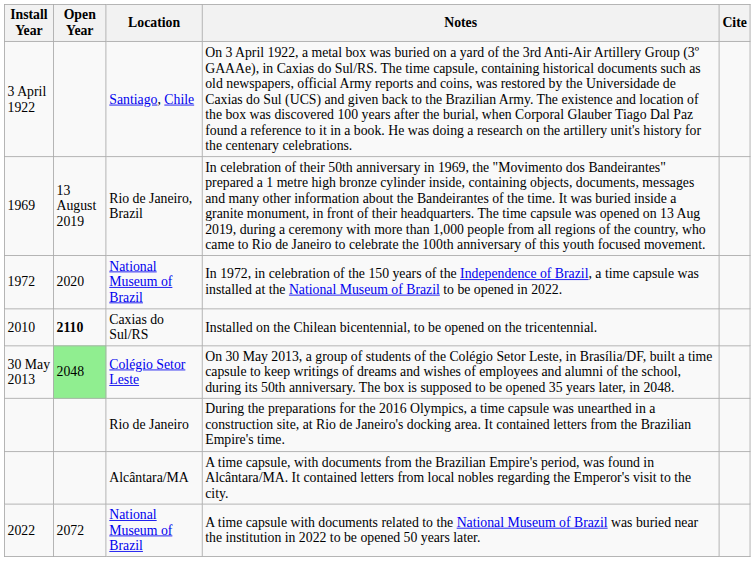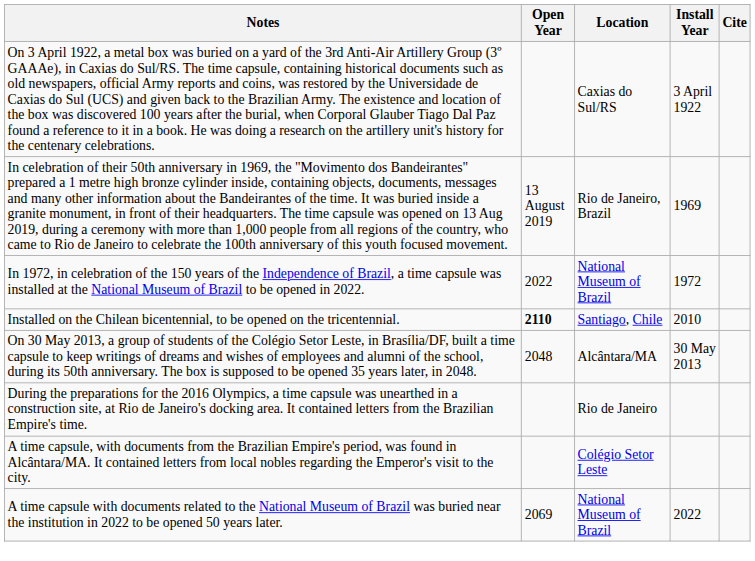 <table class="wikitable sortable">
 <tr>
-<th>Install<br>Year</th>
+<th class=unsortable>Notes</th>
 <th>Open<br>Year</th>
 <th>Location</th>
-<th class=unsortable>Notes</th>
+<th>Install<br>Year</th>
 <th class=unsortable>Cite</th>
 </tr>
 <tr>
+<td>On 3 April 1922, a metal box was buried on a yard of the 3rd Anti-Air Artillery Group (3º GAAAe), in Caxias do Sul/RS. The time capsule, containing historical documents such as old newspapers, official Army reports and coins, was restored by the Universidade de Caxias do Sul (UCS) and given back to the Brazilian Army. The existence and location of the box was discovered 100 years after the burial, when Corporal Glauber Tiago Dal Paz found a reference to it in a book. He was doing a research on the artillery unit's history for the centenary celebrations.</td>
+<td></td>
+<td>Caxias do Sul/RS</td>
 <td>3 April 1922</td>
-<td></td>
-<td><a href='#'>Santiago</a>, <a href='#'>Chile</a></td>
-<td>On 3 April 1922, a metal box was buried on a yard of the 3rd Anti-Air Artillery Group (3º GAAAe), in Caxias do Sul/RS. The time capsule, containing historical documents such as old newspapers, official Army reports and coins, was restored by the Universidade de Caxias do Sul (UCS) and given back to the Brazilian Army. The existence and location of the box was discovered 100 years after the burial, when Corporal Glauber Tiago Dal Paz found a reference to it in a book. He was doing a research on the artillery unit's history for the centenary celebrations.</td>
 <td></td>
 </tr>
 <tr>
-<td>1969</td>
+<td>In celebration of their 50th anniversary in 1969, the "Movimento dos Bandeirantes" prepared a 1 metre high bronze cylinder inside, containing objects, documents, messages and many other information about the Bandeirantes of the time. It was buried inside a granite monument, in front of their headquarters. The time capsule was opened on 13 Aug 2019, during a ceremony with more than 1,000 people from all regions of the country, who came to Rio de Janeiro to celebrate the 100th anniversary of this youth focused movement.</td>
 <td>13 August 2019</td>
 <td>Rio de Janeiro, Brazil</td>
-<td>In celebration of their 50th anniversary in 1969, the "Movimento dos Bandeirantes" prepared a 1 metre high bronze cylinder inside, containing objects, documents, messages and many other information about the Bandeirantes of the time. It was buried inside a granite monument, in front of their headquarters. The time capsule was opened on 13 Aug 2019, during a ceremony with more than 1,000 people from all regions of the country, who came to Rio de Janeiro to celebrate the 100th anniversary of this youth focused movement.</td>
+<td>1969</td>
 <td></td>
 </tr>
 <tr>
+<td>In 1972, in celebration of the 150 years of the <a href='#'>Independence of Brazil</a>, a time capsule was installed at the <a href='#'>National Museum of Brazil</a> to be opened in 2022.</td>
+<td>2022</td>
+<td><a href='#'>National Museum of Brazil</a></td>
 <td>1972</td>
-<td>2020</td>
-<td><a href='#'>National Museum of Brazil</a></td>
-<td>In 1972, in celebration of the 150 years of the <a href='#'>Independence of Brazil</a>, a time capsule was installed at the <a href='#'>National Museum of Brazil</a> to be opened in 2022.</td>
 <td></td>
 </tr>
 <tr>
+<td>Installed on the Chilean bicentennial, to be opened on the tricentennial.</td>
+<td><strong>2110</strong></td>
+<td><a href='#'>Santiago</a>, <a href='#'>Chile</a></td>
 <td>2010</td>
-<td><strong>2110</strong></td>
-<td>Caxias do Sul/RS</td>
-<td>Installed on the Chilean bicentennial, to be opened on the tricentennial.</td>
 <td></td>
 </tr>
 <tr>
+<td>On 30 May 2013, a group of students of the Colégio Setor Leste, in Brasília/DF, built a time capsule to keep writings of dreams and wishes of employees and alumni of the school, during its 50th anniversary. The box is supposed to be opened 35 years later, in 2048.</td>
+<td>2048</td>
+<td>Alcântara/MA</td>
 <td>30 May 2013</td>
-<td style="background: lightgreen;">2048</td>
-<td><a href='#'>Colégio Setor Leste</a></td>
-<td>On 30 May 2013, a group of students of the Colégio Setor Leste, in Brasília/DF, built a time capsule to keep writings of dreams and wishes of employees and alumni of the school, during its 50th anniversary. The box is supposed to be opened 35 years later, in 2048.</td>
 <td></td>
 </tr>
 <tr>
-<td></td>
+<td>During the preparations for the 2016 Olympics, a time capsule was unearthed in a construction site, at Rio de Janeiro's docking area. It contained letters from the Brazilian Empire's time.</td>
 <td></td>
 <td>Rio de Janeiro</td>
-<td>During the preparations for the 2016 Olympics, a time capsule was unearthed in a construction site, at Rio de Janeiro's docking area. It contained letters from the Brazilian Empire's time.</td>
+<td></td>
 <td></td>
 </tr>
 <tr>
+<td>A time capsule, with documents from the Brazilian Empire's period, was found in Alcântara/MA. It contained letters from local nobles regarding the Emperor's visit to the city.</td>
 <td></td>
+<td><a href='#'>Colégio Setor Leste</a></td>
 <td></td>
-<td>Alcântara/MA</td>
-<td>A time capsule, with documents from the Brazilian Empire's period, was found in Alcântara/MA. It contained letters from local nobles regarding the Emperor's visit to the city.</td>
 <td></td>
 </tr>
 <tr>
+<td>A time capsule with documents related to the <a href='#'>National Museum of Brazil</a> was buried near the institution in 2022 to be opened 50 years later.</td>
+<td>2069</td>
+<td><a href='#'>National Museum of Brazil</a></td>
 <td>2022</td>
-<td>2072</td>
-<td><a href='#'>National Museum of Brazil</a></td>
-<td>A time capsule with documents related to the <a href='#'>National Museum of Brazil</a> was buried near the institution in 2022 to be opened 50 years later.</td>
 <td></td>
 </tr>
 </table>
